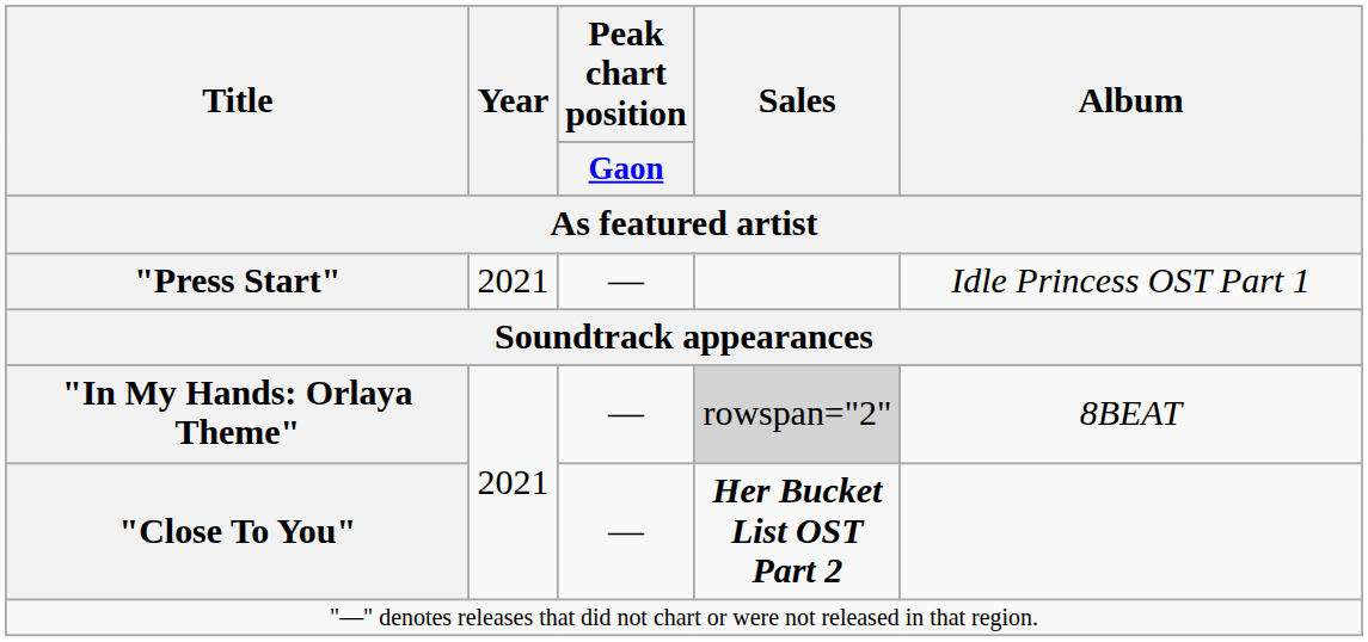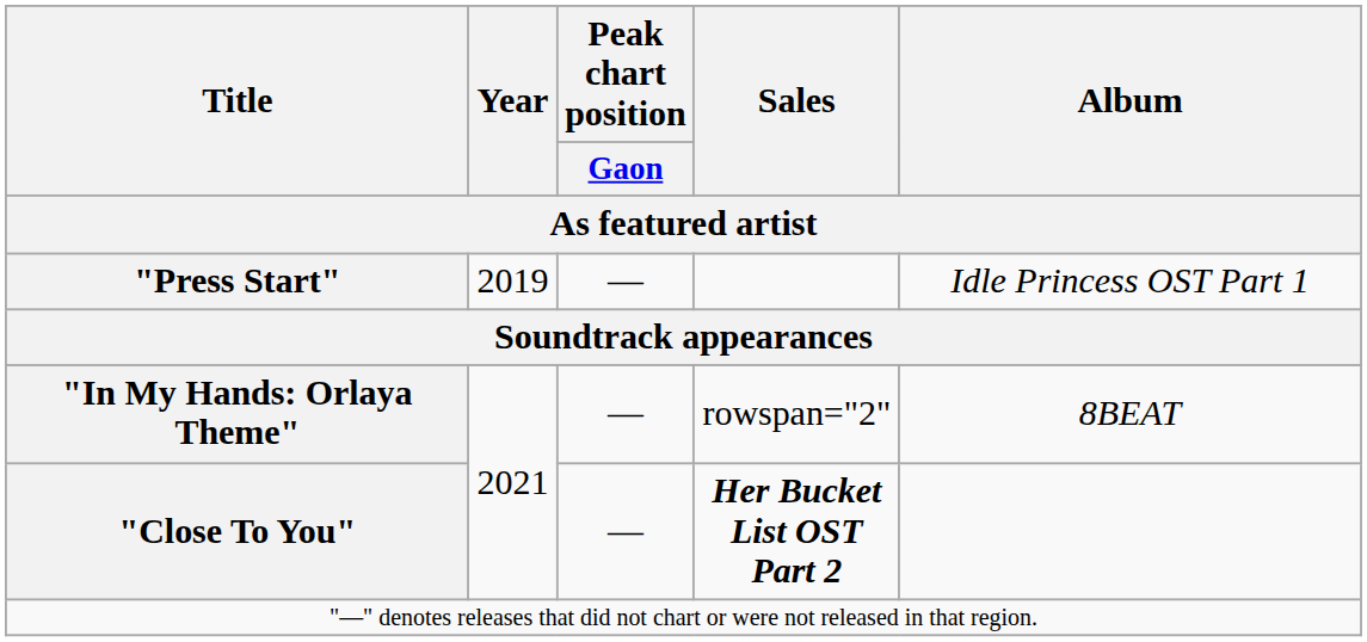 <table class="wikitable plainrowheaders" style="text-align:center">
 <tr>
 <th scope="col" rowspan="2" style="width:20em;">Title</th>
 <th scope="col" rowspan="2">Year</th>
 <th scope="col">Peak chart position</th>
 <th scope="col" rowspan="2">Sales</th>
 <th scope="col" rowspan="2" style="width:20em;">Album</th>
 </tr>
 <tr>
 <th style="width:3em;font-size:90%"><a href='#'>Gaon</a><br></th>
 </tr>
 <tr>
 <th colspan="5">As featured artist</th>
 </tr>
 <tr>
 <th scope="row">"Press Start" <small></small></th>
-<td>2021</td>
+<td>2019</td>
 <td>—</td>
 <td></td>
 <td><em>Idle Princess OST Part 1</em></td>
 </tr>
 <tr>
 <th colspan="5">Soundtrack appearances</th>
 </tr>
 <tr>
 <th scope="row">"In My Hands: Orlaya Theme"</th>
 <td rowspan="2">2021</td>
 <td>—</td>
-<td style="background: lightgrey;">rowspan="2" </td>
+<td>rowspan="2" </td>
 <td><em>8BEAT</em></td>
 </tr>
 <tr>
 <th scope="row">"Close To You"</th>
 <td>—</td>
 <td><strong><em>Her Bucket List OST Part 2</em></strong></td>
 </tr>
 <tr>
 <td colspan="5" style="font-size:8pt">"—" denotes releases that did not chart or were not released in that region.</td>
 </tr>
 </table>
